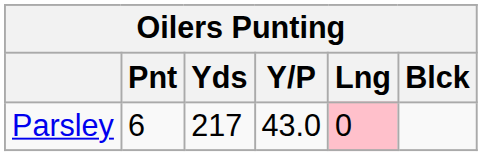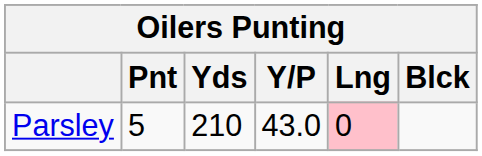 <table class="wikitable">
 <tr>
 <th colspan="6">Oilers Punting</th>
 </tr>
 <tr>
 <th></th>
 <th>Pnt</th>
 <th>Yds</th>
 <th>Y/P</th>
 <th>Lng</th>
 <th>Blck</th>
 </tr>
 <tr>
 <td><a href='#'>Parsley</a></td>
-<td>6</td>
-<td>217</td>
+<td>5</td>
+<td>210</td>
 <td>43.0</td>
 <td style="background: pink;">0</td>
 <td></td>
 </tr>
 </table>
